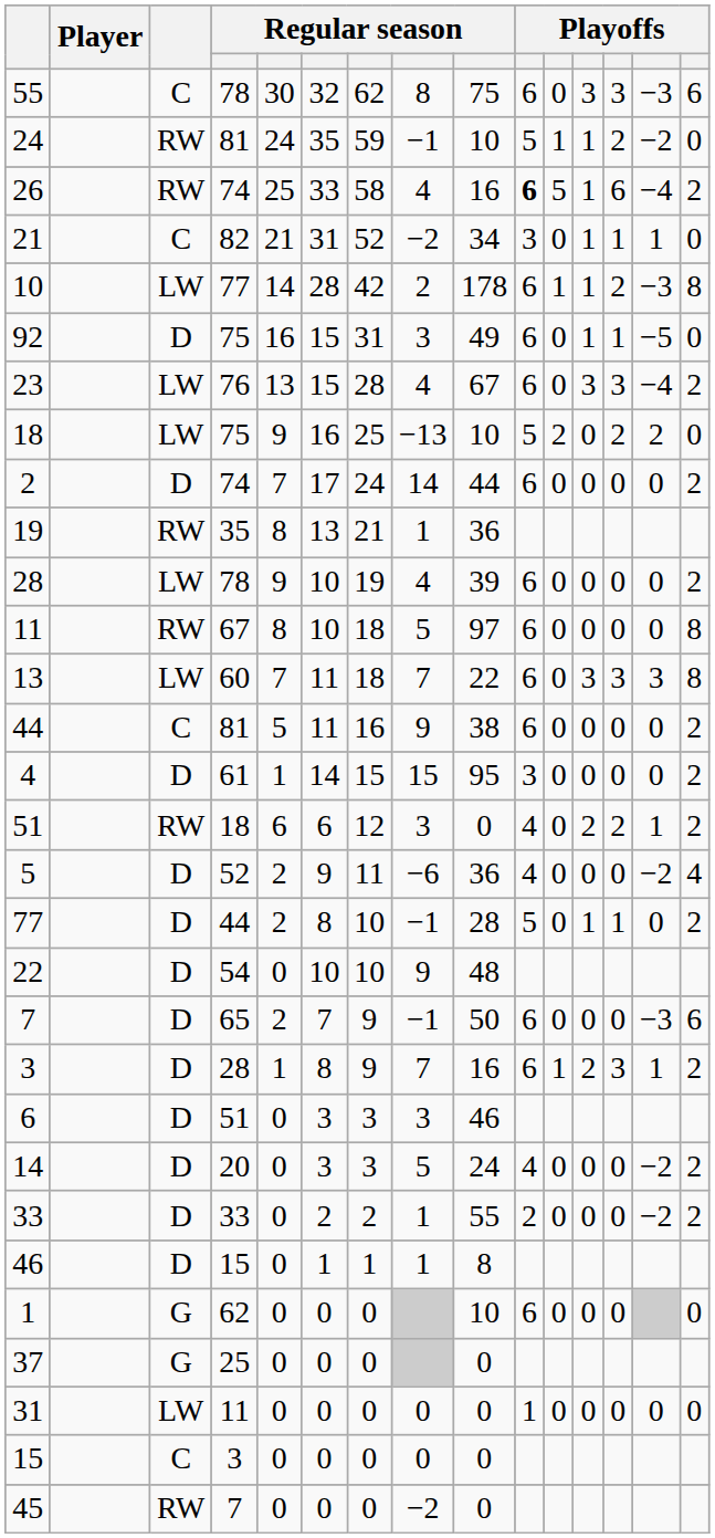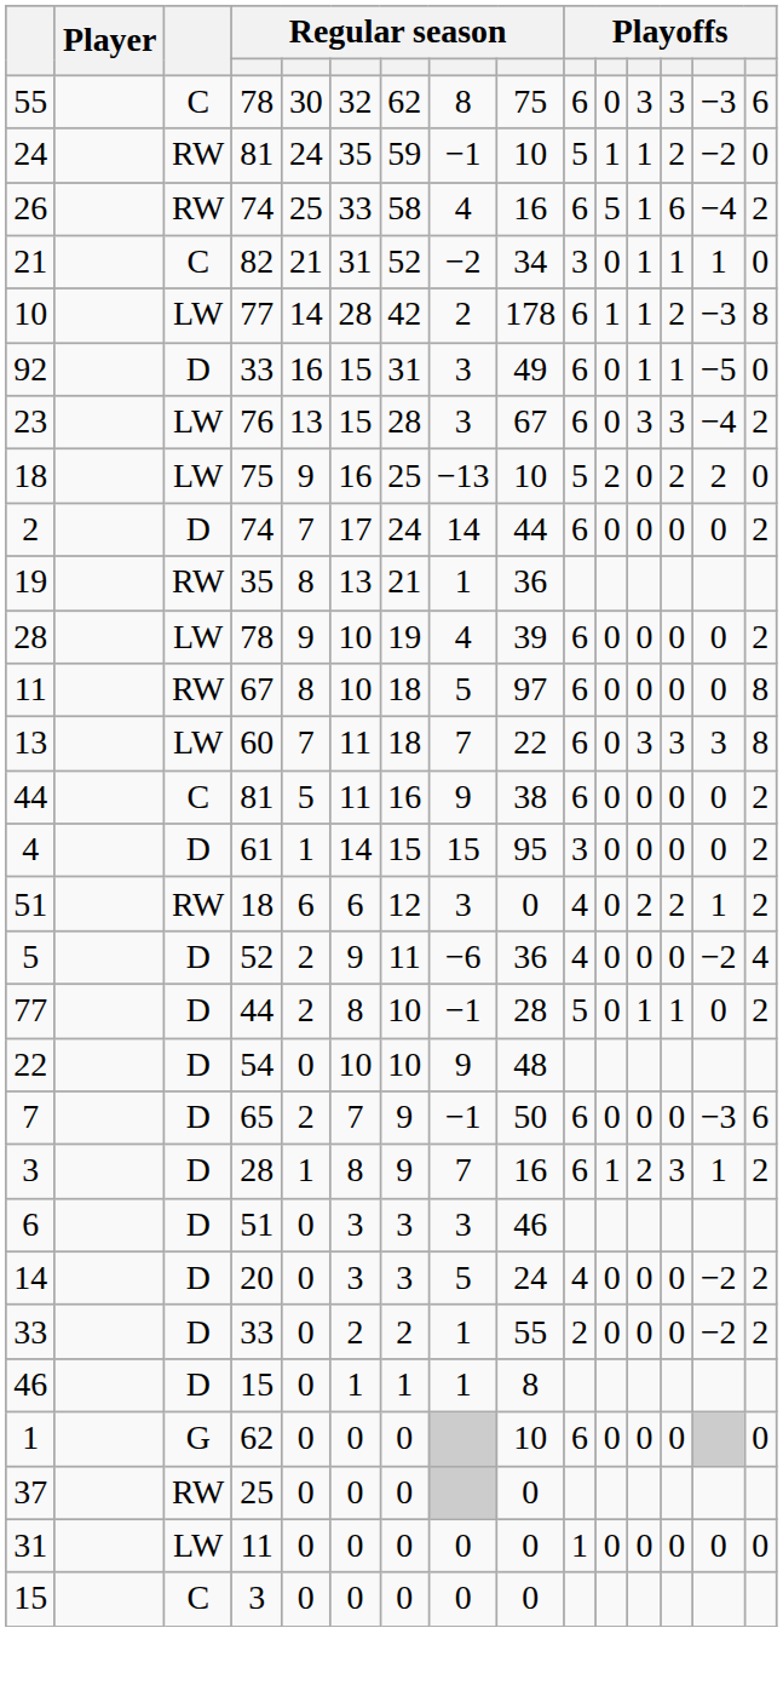 <table class="wikitable sortable plainrowheaders" style="text-align:center;">
 <tr>
 <th scope="col" data-sort-type="number" rowspan="2"></th>
 <th scope="col" rowspan="2">Player</th>
 <th scope="col" rowspan="2"></th>
 <th scope=colgroup colspan=6>Regular season</th>
 <th scope=colgroup colspan=6>Playoffs</th>
 </tr>
 <tr>
 <th scope="col" data-sort-type="number"></th>
 <th scope="col" data-sort-type="number"></th>
 <th scope="col" data-sort-type="number"></th>
 <th scope="col" data-sort-type="number"></th>
 <th scope="col" data-sort-type="number"></th>
 <th scope="col" data-sort-type="number"></th>
 <th scope="col" data-sort-type="number"></th>
 <th scope="col" data-sort-type="number"></th>
 <th scope="col" data-sort-type="number"></th>
 <th scope="col" data-sort-type="number"></th>
 <th scope="col" data-sort-type="number"></th>
 <th scope="col" data-sort-type="number"></th>
 </tr>
 <tr>
 <td scope="row">55</td>
 <td align="left"></td>
 <td>C</td>
 <td>78</td>
 <td>30</td>
 <td>32</td>
 <td>62</td>
 <td>8</td>
 <td>75</td>
 <td>6</td>
 <td>0</td>
 <td>3</td>
 <td>3</td>
 <td>−3</td>
 <td>6</td>
 </tr>
 <tr>
 <td scope="row">24</td>
 <td align="left"></td>
 <td>RW</td>
 <td>81</td>
 <td>24</td>
 <td>35</td>
 <td>59</td>
 <td>−1</td>
 <td>10</td>
 <td>5</td>
 <td>1</td>
 <td>1</td>
 <td>2</td>
 <td>−2</td>
 <td>0</td>
 </tr>
 <tr>
 <td scope="row">26</td>
 <td align="left"></td>
 <td>RW</td>
 <td>74</td>
 <td>25</td>
 <td>33</td>
 <td>58</td>
 <td>4</td>
 <td>16</td>
-<td><strong>6</strong></td>
+<td>6</td>
 <td>5</td>
 <td>1</td>
 <td>6</td>
 <td>−4</td>
 <td>2</td>
 </tr>
 <tr>
 <td scope="row">21</td>
 <td align="left"></td>
 <td>C</td>
 <td>82</td>
 <td>21</td>
 <td>31</td>
 <td>52</td>
 <td>−2</td>
 <td>34</td>
 <td>3</td>
 <td>0</td>
 <td>1</td>
 <td>1</td>
 <td>1</td>
 <td>0</td>
 </tr>
 <tr>
 <td scope="row">10</td>
 <td align="left"></td>
 <td>LW</td>
 <td>77</td>
 <td>14</td>
 <td>28</td>
 <td>42</td>
 <td>2</td>
 <td>178</td>
 <td>6</td>
 <td>1</td>
 <td>1</td>
 <td>2</td>
 <td>−3</td>
 <td>8</td>
 </tr>
 <tr>
 <td scope="row">92</td>
 <td align="left"></td>
 <td>D</td>
-<td>75</td>
+<td>33</td>
 <td>16</td>
 <td>15</td>
 <td>31</td>
 <td>3</td>
 <td>49</td>
 <td>6</td>
 <td>0</td>
 <td>1</td>
 <td>1</td>
 <td>−5</td>
 <td>0</td>
 </tr>
 <tr>
 <td scope="row">23</td>
 <td align="left"></td>
 <td>LW</td>
 <td>76</td>
 <td>13</td>
 <td>15</td>
 <td>28</td>
-<td>4</td>
+<td>3</td>
 <td>67</td>
 <td>6</td>
 <td>0</td>
 <td>3</td>
 <td>3</td>
 <td>−4</td>
 <td>2</td>
 </tr>
 <tr>
 <td scope="row">18</td>
 <td align="left"></td>
 <td>LW</td>
 <td>75</td>
 <td>9</td>
 <td>16</td>
 <td>25</td>
 <td>−13</td>
 <td>10</td>
 <td>5</td>
 <td>2</td>
 <td>0</td>
 <td>2</td>
 <td>2</td>
 <td>0</td>
 </tr>
 <tr>
 <td scope="row">2</td>
 <td align="left"></td>
 <td>D</td>
 <td>74</td>
 <td>7</td>
 <td>17</td>
 <td>24</td>
 <td>14</td>
 <td>44</td>
 <td>6</td>
 <td>0</td>
 <td>0</td>
 <td>0</td>
 <td>0</td>
 <td>2</td>
 </tr>
 <tr>
 <td scope="row">19</td>
 <td align="left"></td>
 <td>RW</td>
 <td>35</td>
 <td>8</td>
 <td>13</td>
 <td>21</td>
 <td>1</td>
 <td>36</td>
 <td></td>
 <td></td>
 <td></td>
 <td></td>
 <td></td>
 <td></td>
 </tr>
 <tr>
 <td scope="row">28</td>
 <td align="left"></td>
 <td>LW</td>
 <td>78</td>
 <td>9</td>
 <td>10</td>
 <td>19</td>
 <td>4</td>
 <td>39</td>
 <td>6</td>
 <td>0</td>
 <td>0</td>
 <td>0</td>
 <td>0</td>
 <td>2</td>
 </tr>
 <tr>
 <td scope="row">11</td>
 <td align="left"></td>
 <td>RW</td>
 <td>67</td>
 <td>8</td>
 <td>10</td>
 <td>18</td>
 <td>5</td>
 <td>97</td>
 <td>6</td>
 <td>0</td>
 <td>0</td>
 <td>0</td>
 <td>0</td>
 <td>8</td>
 </tr>
 <tr>
 <td scope="row">13</td>
 <td align="left"></td>
 <td>LW</td>
 <td>60</td>
 <td>7</td>
 <td>11</td>
 <td>18</td>
 <td>7</td>
 <td>22</td>
 <td>6</td>
 <td>0</td>
 <td>3</td>
 <td>3</td>
 <td>3</td>
 <td>8</td>
 </tr>
 <tr>
 <td scope="row">44</td>
 <td align="left"></td>
 <td>C</td>
 <td>81</td>
 <td>5</td>
 <td>11</td>
 <td>16</td>
 <td>9</td>
 <td>38</td>
 <td>6</td>
 <td>0</td>
 <td>0</td>
 <td>0</td>
 <td>0</td>
 <td>2</td>
 </tr>
 <tr>
 <td scope="row">4</td>
 <td align="left"></td>
 <td>D</td>
 <td>61</td>
 <td>1</td>
 <td>14</td>
 <td>15</td>
 <td>15</td>
 <td>95</td>
 <td>3</td>
 <td>0</td>
 <td>0</td>
 <td>0</td>
 <td>0</td>
 <td>2</td>
 </tr>
 <tr>
 <td scope="row">51</td>
 <td align="left"></td>
 <td>RW</td>
 <td>18</td>
 <td>6</td>
 <td>6</td>
 <td>12</td>
 <td>3</td>
 <td>0</td>
 <td>4</td>
 <td>0</td>
 <td>2</td>
 <td>2</td>
 <td>1</td>
 <td>2</td>
 </tr>
 <tr>
 <td scope="row">5</td>
 <td align="left"></td>
 <td>D</td>
 <td>52</td>
 <td>2</td>
 <td>9</td>
 <td>11</td>
 <td>−6</td>
 <td>36</td>
 <td>4</td>
 <td>0</td>
 <td>0</td>
 <td>0</td>
 <td>−2</td>
 <td>4</td>
 </tr>
 <tr>
 <td scope="row">77</td>
 <td align="left"></td>
 <td>D</td>
 <td>44</td>
 <td>2</td>
 <td>8</td>
 <td>10</td>
 <td>−1</td>
 <td>28</td>
 <td>5</td>
 <td>0</td>
 <td>1</td>
 <td>1</td>
 <td>0</td>
 <td>2</td>
 </tr>
 <tr>
 <td scope="row">22</td>
 <td align="left"></td>
 <td>D</td>
 <td>54</td>
 <td>0</td>
 <td>10</td>
 <td>10</td>
 <td>9</td>
 <td>48</td>
 <td></td>
 <td></td>
 <td></td>
 <td></td>
 <td></td>
 <td></td>
 </tr>
 <tr>
 <td scope="row">7</td>
 <td align="left"></td>
 <td>D</td>
 <td>65</td>
 <td>2</td>
 <td>7</td>
 <td>9</td>
 <td>−1</td>
 <td>50</td>
 <td>6</td>
 <td>0</td>
 <td>0</td>
 <td>0</td>
 <td>−3</td>
 <td>6</td>
 </tr>
 <tr>
 <td scope="row">3</td>
 <td align="left"></td>
 <td>D</td>
 <td>28</td>
 <td>1</td>
 <td>8</td>
 <td>9</td>
 <td>7</td>
 <td>16</td>
 <td>6</td>
 <td>1</td>
 <td>2</td>
 <td>3</td>
 <td>1</td>
 <td>2</td>
 </tr>
 <tr>
 <td scope="row">6</td>
 <td align="left"></td>
 <td>D</td>
 <td>51</td>
 <td>0</td>
 <td>3</td>
 <td>3</td>
 <td>3</td>
 <td>46</td>
 <td></td>
 <td></td>
 <td></td>
 <td></td>
 <td></td>
 <td></td>
 </tr>
 <tr>
 <td scope="row">14</td>
 <td align="left"></td>
 <td>D</td>
 <td>20</td>
 <td>0</td>
 <td>3</td>
 <td>3</td>
 <td>5</td>
 <td>24</td>
 <td>4</td>
 <td>0</td>
 <td>0</td>
 <td>0</td>
 <td>−2</td>
 <td>2</td>
 </tr>
 <tr>
 <td scope="row">33</td>
 <td align="left"></td>
 <td>D</td>
 <td>33</td>
 <td>0</td>
 <td>2</td>
 <td>2</td>
 <td>1</td>
 <td>55</td>
 <td>2</td>
 <td>0</td>
 <td>0</td>
 <td>0</td>
 <td>−2</td>
 <td>2</td>
 </tr>
 <tr>
 <td scope="row">46</td>
 <td align="left"></td>
 <td>D</td>
 <td>15</td>
 <td>0</td>
 <td>1</td>
 <td>1</td>
 <td>1</td>
 <td>8</td>
 <td></td>
 <td></td>
 <td></td>
 <td></td>
 <td></td>
 <td></td>
 </tr>
 <tr>
 <td scope="row">1</td>
 <td align="left"></td>
 <td>G</td>
 <td>62</td>
 <td>0</td>
 <td>0</td>
 <td>0</td>
 <td style="background:#ccc"></td>
 <td>10</td>
 <td>6</td>
 <td>0</td>
 <td>0</td>
 <td>0</td>
 <td style="background:#ccc"></td>
 <td>0</td>
 </tr>
 <tr>
 <td scope="row">37</td>
 <td align="left"></td>
-<td>G</td>
+<td>RW</td>
 <td>25</td>
 <td>0</td>
 <td>0</td>
 <td>0</td>
 <td style="background:#ccc"></td>
 <td>0</td>
 <td></td>
 <td></td>
 <td></td>
 <td></td>
 <td></td>
 <td></td>
 </tr>
 <tr>
 <td scope="row">31</td>
 <td align="left"></td>
 <td>LW</td>
 <td>11</td>
 <td>0</td>
 <td>0</td>
 <td>0</td>
 <td>0</td>
 <td>0</td>
 <td>1</td>
 <td>0</td>
 <td>0</td>
 <td>0</td>
 <td>0</td>
 <td>0</td>
 </tr>
 <tr>
 <td scope="row">15</td>
 <td align="left"></td>
 <td>C</td>
 <td>3</td>
 <td>0</td>
 <td>0</td>
 <td>0</td>
 <td>0</td>
 <td>0</td>
 <td></td>
 <td></td>
 <td></td>
 <td></td>
 <td></td>
 <td></td>
 </tr>
-<tr>
-<td scope="row">45</td>
-<td align="left"></td>
-<td>RW</td>
-<td>7</td>
-<td>0</td>
-<td>0</td>
-<td>0</td>
-<td>−2</td>
-<td>0</td>
-<td></td>
-<td></td>
-<td></td>
-<td></td>
-<td></td>
-<td></td>
-</tr>
 </table>
